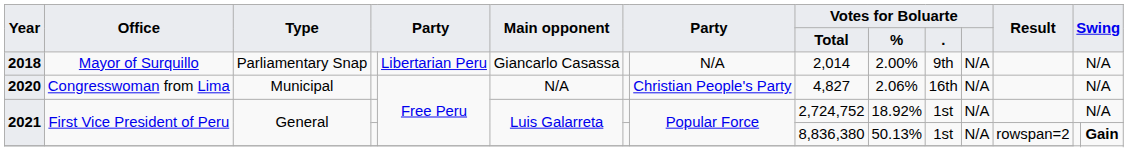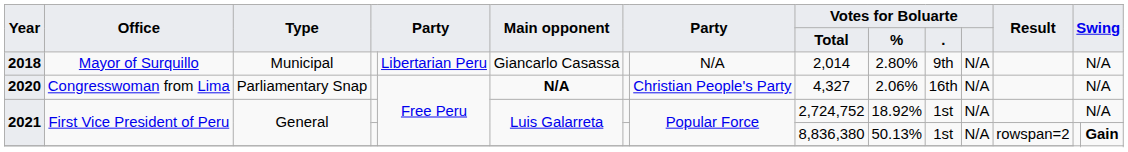 <table class="wikitable" style="text-align:center;">
 <tr>
 <th style="background-color:#EAECF0;" rowspan=2>Year</th>
 <th style="background-color:#EAECF0;" rowspan=2>Office</th>
 <th style="background-color:#EAECF0;" rowspan=2>Type</th>
 <th style="background-color:#EAECF0;" colspan=2 rowspan=2>Party</th>
 <th style="background-color:#EAECF0;" rowspan=2>Main opponent</th>
 <th style="background-color:#EAECF0;" colspan=2 rowspan=2>Party</th>
 <th style="background-color:#EAECF0;" colspan=4>Votes for Boluarte</th>
 <th style="background-color:#EAECF0;" rowspan=2>Result</th>
 <th style="background-color:#EAECF0;" colspan=2 rowspan=2><a href='#'>Swing</a></th>
 </tr>
 <tr>
 <th style="background-color:#EAECF0;">Total</th>
 <th style="background-color:#EAECF0;">%</th>
 <th style="background-color:#EAECF0;">.</th>
 <th style="background-color:#EAECF0;"></th>
 </tr>
 <tr>
 <th style="background-color:#EAECF0;">2018</th>
 <td><a href='#'>Mayor of Surquillo</a></td>
-<td>Parliamentary Snap</td>
+<td>Municipal</td>
 <td style="background-color:"></td>
 <td><a href='#'>Libertarian Peru</a></td>
 <td>Giancarlo Casassa</td>
 <td style="background-color:"></td>
 <td>N/A</td>
 <td>2,014</td>
-<td>2.00%</td>
+<td>2.80%</td>
 <td>9th</td>
 <td>N/A</td>
 <td></td>
 <td colspan=2>N/A</td>
 </tr>
 <tr>
 <th style="background-color:#EAECF0;">2020</th>
 <td><a href='#'>Congresswoman</a> from <a href='#'>Lima</a></td>
-<td>Municipal</td>
+<td>Parliamentary Snap</td>
 <td style="background-color:"></td>
 <td rowspan="3"><a href='#'>Free Peru</a></td>
-<td>N/A</td>
+<td><strong>N/A</strong></td>
 <td style="background-color:"></td>
 <td><a href='#'>Christian People's Party</a></td>
-<td>4,827</td>
+<td>4,327</td>
 <td>2.06%</td>
 <td>16th</td>
 <td>N/A</td>
 <td></td>
 <td colspan=2>N/A</td>
 </tr>
 <tr>
 <th rowspan="2" style="background-color:#EAECF0;">2021</th>
 <td rowspan="2"><a href='#'>First Vice President of Peru</a></td>
 <td rowspan="2">General</td>
 <td style="background-color:"></td>
 <td rowspan="2"><a href='#'>Luis Galarreta</a></td>
 <td style="background-color:"></td>
 <td rowspan="2"><a href='#'>Popular Force</a></td>
 <td>2,724,752</td>
 <td>18.92%</td>
 <td>1st</td>
 <td>N/A</td>
 <td></td>
 <td colspan=2>N/A</td>
 </tr>
 <tr>
 <td style="background-color:"></td>
 <td style="background-color:"></td>
 <td>8,836,380</td>
 <td>50.13%</td>
 <td>1st</td>
 <td>N/A</td>
 <td>rowspan=2 </td>
 <td rowspan=2 style="background-color:"></td>
 <td rowspan=2><strong>Gain</strong></td>
 </tr>
 <tr>
 </tr>
 </table>
